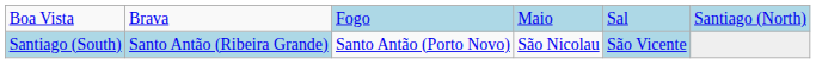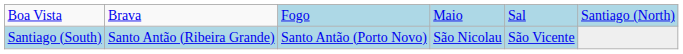 <table class="wikitable">
 <tr>
 <td><a href='#'>Boa Vista</a></td>
 <td><a href='#'>Brava</a></td>
 <td bgcolor=lightblue><a href='#'>Fogo</a></td>
 <td bgcolor=lightblue><a href='#'>Maio</a></td>
 <td bgcolor=lightblue><a href='#'>Sal</a></td>
 <td bgcolor=lightblue><a href='#'>Santiago (North)</a></td>
 </tr>
 <tr>
 <td bgcolor=lightblue><a href='#'>Santiago (South)</a></td>
 <td bgcolor=lightblue><a href='#'>Santo Antão (Ribeira Grande)</a></td>
-<td><a href='#'>Santo Antão (Porto Novo)</a></td>
-<td><a href='#'>São Nicolau</a></td>
+<td style="background: lightblue;"><a href='#'>Santo Antão (Porto Novo)</a></td>
+<td style="background: lightblue;"><a href='#'>São Nicolau</a></td>
 <td bgcolor=lightblue><a href='#'>São Vicente</a></td>
 <td bgcolor=#EFEFEF></td>
 </tr>
 </table>
